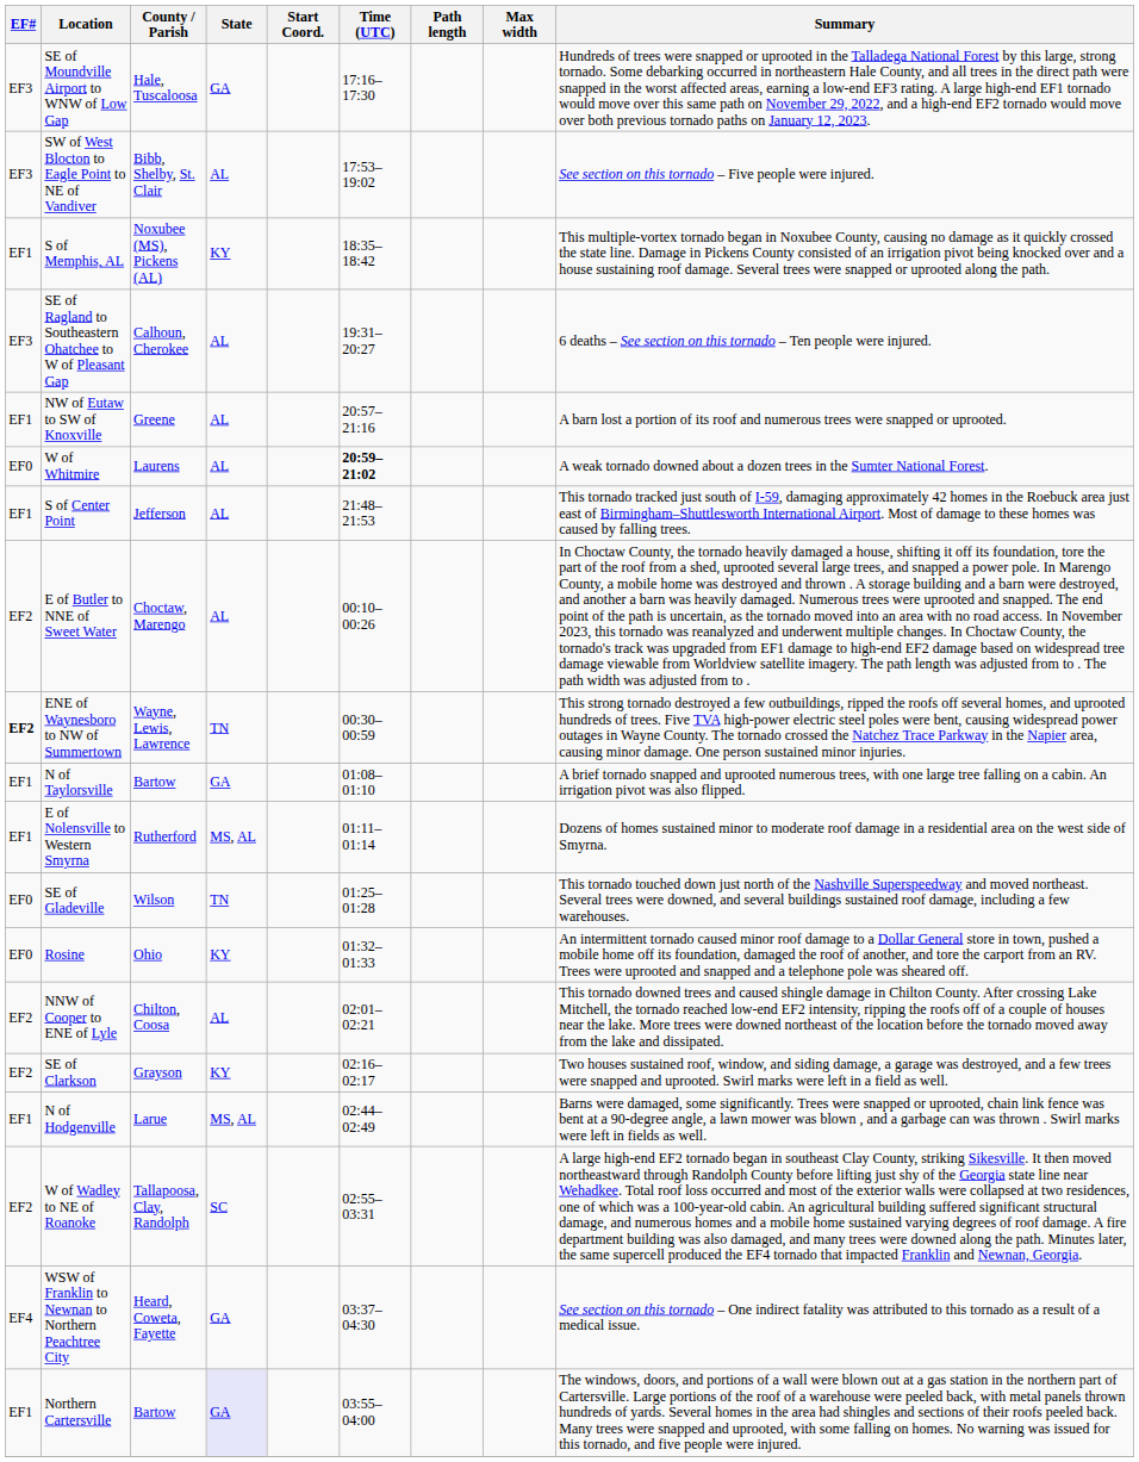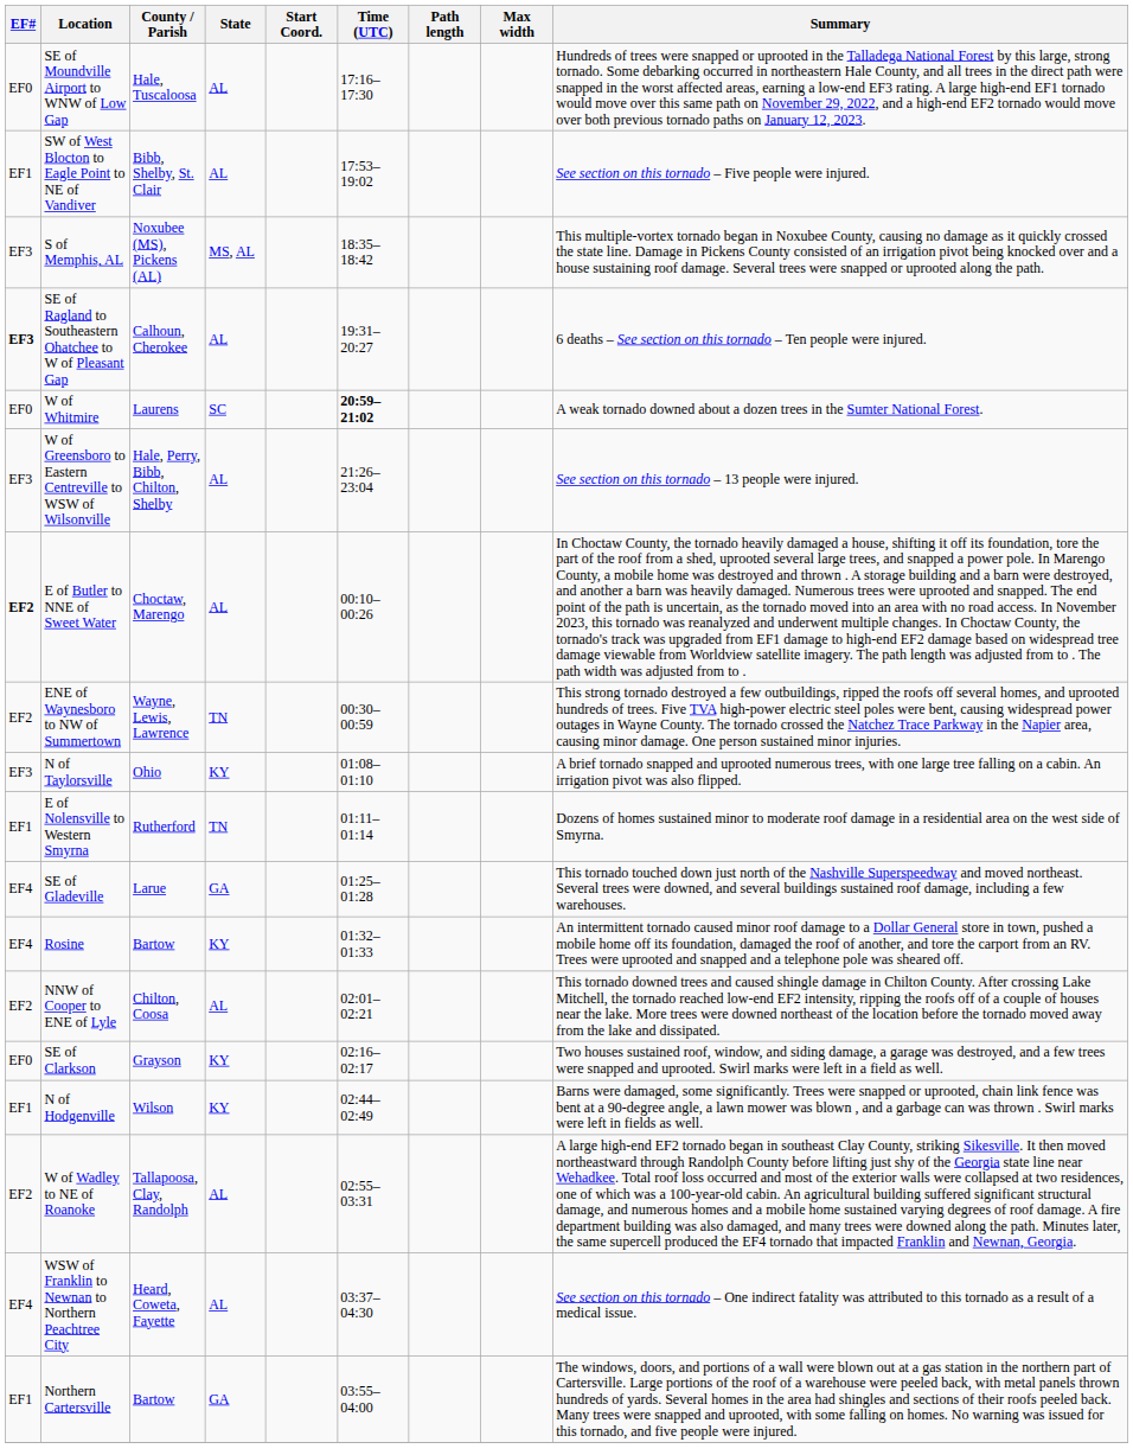 <table class="wikitable sortable" style="width:100%;">
 <tr>
 <th scope="col"  style="width:3%; text-align:center;"><a href='#'>EF#</a></th>
 <th scope="col"  style="width:7%; text-align:center;" class="unsortable">Location</th>
 <th scope="col"  style="width:6%; text-align:center;" class="unsortable">County / Parish</th>
 <th scope="col"  style="width:5%; text-align:center;">State</th>
 <th scope="col"  style="width:6%; text-align:center;">Start Coord.</th>
 <th scope="col"  style="width:6%; text-align:center;">Time (<a href='#'>UTC</a>)</th>
 <th scope="col"  style="width:6%; text-align:center;">Path length</th>
 <th scope="col"  style="width:6%; text-align:center;">Max width</th>
 <th scope="col" class="unsortable" style="width:48%; text-align:center;">Summary</th>
 </tr>
 <tr>
-<td>EF3</td>
+<td>EF0</td>
 <td>SE of <a href='#'>Moundville Airport</a> to WNW of <a href='#'>Low Gap</a></td>
 <td><a href='#'>Hale</a>, <a href='#'>Tuscaloosa</a></td>
-<td><a href='#'>GA</a></td>
+<td><a href='#'>AL</a></td>
 <td></td>
 <td>17:16–17:30</td>
 <td></td>
 <td></td>
 <td>Hundreds of trees were snapped or uprooted in the <a href='#'>Talladega National Forest</a> by this large, strong tornado. Some debarking occurred in northeastern Hale County, and all trees in the direct path were snapped in the worst affected areas, earning a low-end EF3 rating. A large high-end EF1 tornado would move over this same path on <a href='#'>November 29, 2022</a>, and a high-end EF2 tornado would move over both previous tornado paths on <a href='#'>January 12, 2023</a>.</td>
 </tr>
 <tr>
-<td>EF3</td>
+<td>EF1</td>
 <td>SW of <a href='#'>West Blocton</a> to <a href='#'>Eagle Point</a> to NE of <a href='#'>Vandiver</a></td>
 <td><a href='#'>Bibb</a>, <a href='#'>Shelby</a>, <a href='#'>St. Clair</a></td>
 <td><a href='#'>AL</a></td>
 <td></td>
 <td>17:53–19:02</td>
 <td></td>
 <td></td>
 <td><em><a href='#'>See section on this tornado</a></em> – Five people were injured.</td>
 </tr>
 <tr>
-<td>EF1</td>
+<td>EF3</td>
 <td>S of <a href='#'>Memphis, AL</a></td>
 <td><a href='#'>Noxubee (MS)</a>, <a href='#'>Pickens (AL)</a></td>
-<td><a href='#'>KY</a></td>
+<td><a href='#'>MS</a>, <a href='#'>AL</a></td>
 <td></td>
 <td>18:35–18:42</td>
 <td></td>
 <td></td>
 <td>This multiple-vortex tornado began in Noxubee County, causing no damage as it quickly crossed the state line. Damage in Pickens County consisted of an irrigation pivot being knocked over and a house sustaining roof damage. Several trees were snapped or uprooted along the path.</td>
 </tr>
 <tr>
-<td>EF3</td>
+<td><strong>EF3</strong></td>
 <td>SE of <a href='#'>Ragland</a> to Southeastern <a href='#'>Ohatchee</a> to W of <a href='#'>Pleasant Gap</a></td>
 <td><a href='#'>Calhoun</a>, <a href='#'>Cherokee</a></td>
 <td><a href='#'>AL</a></td>
 <td></td>
 <td>19:31–20:27</td>
 <td></td>
 <td></td>
 <td>6 deaths – <em><a href='#'>See section on this tornado</a></em> – Ten people were injured.</td>
 </tr>
 <tr>
-<td>EF1</td>
-<td>NW of <a href='#'>Eutaw</a> to SW of <a href='#'>Knoxville</a></td>
-<td><a href='#'>Greene</a></td>
-<td><a href='#'>AL</a></td>
-<td></td>
-<td>20:57–21:16</td>
-<td></td>
-<td></td>
-<td>A barn lost a portion of its roof and numerous trees were snapped or uprooted.</td>
-</tr>
-<tr>
 <td>EF0</td>
 <td>W of <a href='#'>Whitmire</a></td>
 <td><a href='#'>Laurens</a></td>
-<td><a href='#'>AL</a></td>
+<td><a href='#'>SC</a></td>
 <td></td>
 <td><strong>20:59–21:02</strong></td>
 <td></td>
 <td></td>
 <td>A weak tornado downed about a dozen trees in the <a href='#'>Sumter National Forest</a>.</td>
 </tr>
 <tr>
-<td>EF1</td>
-<td>S of <a href='#'>Center Point</a></td>
-<td><a href='#'>Jefferson</a></td>
+<td>EF3</td>
+<td>W of <a href='#'>Greensboro</a> to Eastern <a href='#'>Centreville</a> to WSW of <a href='#'>Wilsonville</a></td>
+<td><a href='#'>Hale</a>, <a href='#'>Perry</a>, <a href='#'>Bibb</a>, <a href='#'>Chilton</a>, <a href='#'>Shelby</a></td>
 <td><a href='#'>AL</a></td>
 <td></td>
-<td>21:48–21:53</td>
+<td>21:26–23:04</td>
 <td></td>
 <td></td>
-<td>This tornado tracked just south of <a href='#'>I-59</a>, damaging approximately 42 homes in the Roebuck area just east of <a href='#'>Birmingham–Shuttlesworth International Airport</a>. Most of damage to these homes was caused by falling trees.</td>
+<td><em><a href='#'>See section on this tornado</a></em> – 13 people were injured.</td>
 </tr>
 <tr>
-<td>EF2</td>
+<td><strong>EF2</strong></td>
 <td>E of <a href='#'>Butler</a> to NNE of <a href='#'>Sweet Water</a></td>
 <td><a href='#'>Choctaw</a>, <a href='#'>Marengo</a></td>
 <td><a href='#'>AL</a></td>
 <td></td>
 <td>00:10–00:26</td>
 <td></td>
 <td></td>
 <td>In Choctaw County, the tornado heavily damaged a house, shifting it  off its foundation, tore the part of the roof from a shed, uprooted several large trees, and snapped a power pole. In Marengo County, a mobile home was destroyed and thrown . A storage building and a barn were destroyed, and another a barn was heavily damaged. Numerous trees were uprooted and snapped. The end point of the path is uncertain, as the tornado moved into an area with no road access. In November 2023, this tornado was reanalyzed and underwent multiple changes. In Choctaw County, the tornado's track was upgraded from EF1 damage to high-end EF2 damage based on widespread tree damage viewable from Worldview satellite imagery. The path length was adjusted from  to . The path width was adjusted from  to .</td>
 </tr>
 <tr>
-<td><strong>EF2</strong></td>
+<td>EF2</td>
 <td>ENE of <a href='#'>Waynesboro</a> to NW of <a href='#'>Summertown</a></td>
 <td><a href='#'>Wayne</a>, <a href='#'>Lewis</a>, <a href='#'>Lawrence</a></td>
 <td><a href='#'>TN</a></td>
 <td></td>
 <td>00:30–00:59</td>
 <td></td>
 <td></td>
 <td>This strong tornado destroyed a few outbuildings, ripped the roofs off several homes, and uprooted hundreds of trees. Five <a href='#'>TVA</a> high-power electric steel poles were bent, causing widespread power outages in Wayne County. The tornado crossed the <a href='#'>Natchez Trace Parkway</a> in the <a href='#'>Napier</a> area, causing minor damage. One person sustained minor injuries.</td>
 </tr>
 <tr>
-<td>EF1</td>
+<td>EF3</td>
 <td>N of <a href='#'>Taylorsville</a></td>
-<td><a href='#'>Bartow</a></td>
-<td><a href='#'>GA</a></td>
+<td><a href='#'>Ohio</a></td>
+<td><a href='#'>KY</a></td>
 <td></td>
 <td>01:08–01:10</td>
 <td></td>
 <td></td>
 <td>A brief tornado snapped and uprooted numerous trees, with one large tree falling on a cabin. An irrigation pivot was also flipped.</td>
 </tr>
 <tr>
 <td>EF1</td>
 <td>E of <a href='#'>Nolensville</a> to Western <a href='#'>Smyrna</a></td>
 <td><a href='#'>Rutherford</a></td>
-<td><a href='#'>MS</a>, <a href='#'>AL</a></td>
+<td><a href='#'>TN</a></td>
 <td></td>
 <td>01:11–01:14</td>
 <td></td>
 <td></td>
 <td>Dozens of homes sustained minor to moderate roof damage in a residential area on the west side of Smyrna.</td>
 </tr>
 <tr>
-<td>EF0</td>
+<td>EF4</td>
 <td>SE of <a href='#'>Gladeville</a></td>
-<td><a href='#'>Wilson</a></td>
-<td><a href='#'>TN</a></td>
+<td><a href='#'>Larue</a></td>
+<td><a href='#'>GA</a></td>
 <td></td>
 <td>01:25–01:28</td>
 <td></td>
 <td></td>
 <td>This tornado touched down just north of the <a href='#'>Nashville Superspeedway</a> and moved northeast. Several trees were downed, and several buildings sustained roof damage, including a few warehouses.</td>
 </tr>
 <tr>
-<td>EF0</td>
+<td>EF4</td>
 <td><a href='#'>Rosine</a></td>
-<td><a href='#'>Ohio</a></td>
+<td><a href='#'>Bartow</a></td>
 <td><a href='#'>KY</a></td>
 <td></td>
 <td>01:32–01:33</td>
 <td></td>
 <td></td>
 <td>An intermittent tornado caused minor roof damage to a <a href='#'>Dollar General</a> store in town, pushed a mobile home off its foundation, damaged the roof of another, and tore the carport from an RV. Trees were uprooted and snapped and a telephone pole was sheared off.</td>
 </tr>
 <tr>
 <td>EF2</td>
 <td>NNW of <a href='#'>Cooper</a> to ENE of <a href='#'>Lyle</a></td>
 <td><a href='#'>Chilton</a>, <a href='#'>Coosa</a></td>
 <td><a href='#'>AL</a></td>
 <td></td>
 <td>02:01–02:21</td>
 <td></td>
 <td></td>
 <td>This tornado downed trees and caused shingle damage in Chilton County. After crossing Lake Mitchell, the tornado reached low-end EF2 intensity, ripping the roofs off of a couple of houses near the lake. More trees were downed northeast of the location before the tornado moved away from the lake and dissipated.</td>
 </tr>
 <tr>
-<td>EF2</td>
+<td>EF0</td>
 <td>SE of <a href='#'>Clarkson</a></td>
 <td><a href='#'>Grayson</a></td>
 <td><a href='#'>KY</a></td>
 <td></td>
 <td>02:16–02:17</td>
 <td></td>
 <td></td>
 <td>Two houses sustained roof, window, and siding damage, a garage was destroyed, and a few trees were snapped and uprooted. Swirl marks were left in a field as well.</td>
 </tr>
 <tr>
 <td>EF1</td>
 <td>N of <a href='#'>Hodgenville</a></td>
-<td><a href='#'>Larue</a></td>
-<td><a href='#'>MS</a>, <a href='#'>AL</a></td>
+<td><a href='#'>Wilson</a></td>
+<td><a href='#'>KY</a></td>
 <td></td>
 <td>02:44–02:49</td>
 <td></td>
 <td></td>
 <td>Barns were damaged, some significantly. Trees were snapped or uprooted, chain link fence was bent at a 90-degree angle, a lawn mower was blown , and a garbage can was thrown . Swirl marks were left in fields as well.</td>
 </tr>
 <tr>
 <td>EF2</td>
 <td>W of <a href='#'>Wadley</a> to NE of <a href='#'>Roanoke</a></td>
 <td><a href='#'>Tallapoosa</a>, <a href='#'>Clay</a>, <a href='#'>Randolph</a></td>
-<td><a href='#'>SC</a></td>
+<td><a href='#'>AL</a></td>
 <td></td>
 <td>02:55–03:31</td>
 <td></td>
 <td></td>
 <td>A large high-end EF2 tornado began in southeast Clay County, striking <a href='#'>Sikesville</a>. It then moved northeastward through Randolph County before lifting just shy of the <a href='#'>Georgia</a> state line near <a href='#'>Wehadkee</a>. Total roof loss occurred and most of the exterior walls were collapsed at two residences, one of which was a 100-year-old cabin. An agricultural building suffered significant structural damage, and numerous homes and a mobile home sustained varying degrees of roof damage. A fire department building was also damaged, and many trees were downed along the path. Minutes later, the same supercell produced the EF4 tornado that impacted <a href='#'>Franklin</a> and <a href='#'>Newnan, Georgia</a>.</td>
 </tr>
 <tr>
 <td>EF4</td>
 <td>WSW of <a href='#'>Franklin</a> to <a href='#'>Newnan</a> to Northern <a href='#'>Peachtree City</a></td>
 <td><a href='#'>Heard</a>, <a href='#'>Coweta</a>, <a href='#'>Fayette</a></td>
-<td><a href='#'>GA</a></td>
+<td><a href='#'>AL</a></td>
 <td></td>
 <td>03:37–04:30</td>
 <td></td>
 <td></td>
 <td><em><a href='#'>See section on this tornado</a></em> – One indirect fatality was attributed to this tornado as a result of a medical issue.</td>
 </tr>
 <tr>
 <td>EF1</td>
 <td>Northern <a href='#'>Cartersville</a></td>
 <td><a href='#'>Bartow</a></td>
-<td style="background: lavender;"><a href='#'>GA</a></td>
+<td><a href='#'>GA</a></td>
 <td></td>
 <td>03:55–04:00</td>
 <td></td>
 <td></td>
 <td>The windows, doors, and portions of a wall were blown out at a gas station in the northern part of Cartersville. Large portions of the roof of a warehouse were peeled back, with metal panels thrown hundreds of yards. Several homes in the area had shingles and sections of their roofs peeled back. Many trees were snapped and uprooted, with some falling on homes. No warning was issued for this tornado, and five people were injured.</td>
 </tr>
 <tr>
 </tr>
 </table>
